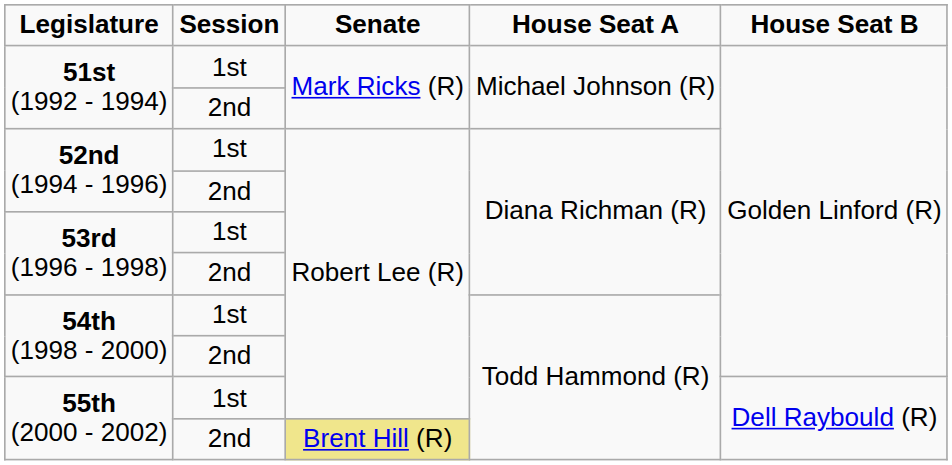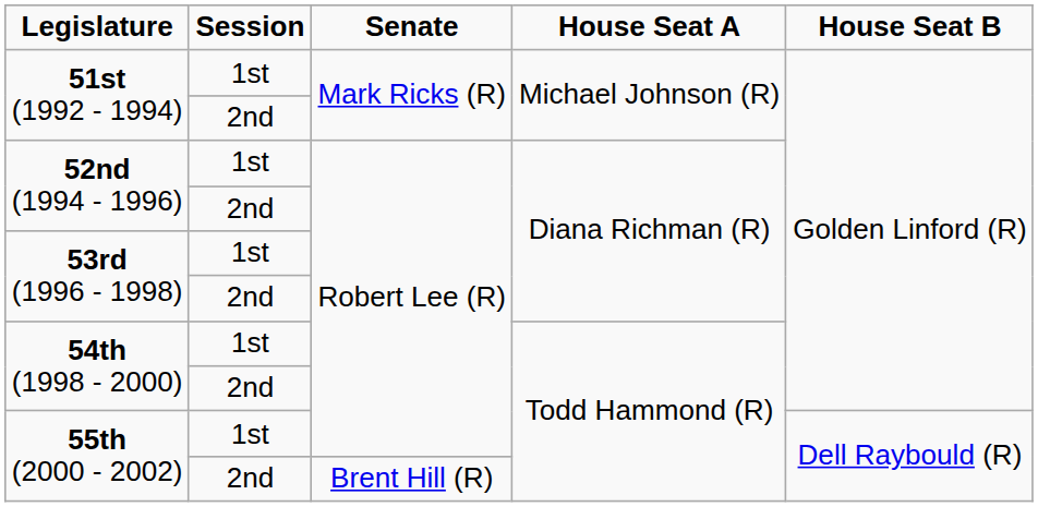 <table class=wikitable style="text-align:center">
 <tr>
 <td><strong>Legislature</strong></td>
 <td><strong>Session</strong></td>
 <td><strong>Senate</strong></td>
 <td><strong>House Seat A</strong></td>
 <td><strong>House Seat B</strong></td>
 </tr>
 <tr>
 <td rowspan="2" colspan="1" style="text-align: center;"><strong>51st</strong> <br> (1992 - 1994)</td>
 <td>1st</td>
 <td rowspan="2" colspan="1" style="text-align: center;" ><a href='#'>Mark Ricks</a> (R)</td>
 <td rowspan="2" colspan="1" style="text-align: center;" >Michael Johnson (R)</td>
 <td rowspan="8" colspan="1" style="text-align: center;" >Golden Linford (R)</td>
 </tr>
 <tr>
 <td>2nd</td>
 </tr>
 <tr>
 <td rowspan="2" colspan="1" style="text-align: center;"><strong>52nd</strong> <br> (1994 - 1996)</td>
 <td>1st</td>
 <td rowspan="7" colspan="1" style="text-align: center;" >Robert Lee (R)</td>
 <td rowspan="4" colspan="1" style="text-align: center;" >Diana Richman (R)</td>
 </tr>
 <tr>
 <td>2nd</td>
 </tr>
 <tr>
 <td rowspan="2" colspan="1" style="text-align: center;"><strong>53rd</strong> <br> (1996 - 1998)</td>
 <td>1st</td>
 </tr>
 <tr>
 <td>2nd</td>
 </tr>
 <tr>
 <td rowspan="2" colspan="1" style="text-align: center;"><strong>54th</strong> <br> (1998 - 2000)</td>
 <td>1st</td>
 <td rowspan="4" colspan="1" style="text-align: center;" >Todd Hammond (R)</td>
 </tr>
 <tr>
 <td>2nd</td>
 </tr>
 <tr>
 <td rowspan="2" colspan="1" style="text-align: center;"><strong>55th</strong> <br> (2000 - 2002)</td>
 <td>1st</td>
 <td rowspan="2" colspan="1" style="text-align: center;" ><a href='#'>Dell Raybould</a> (R)</td>
 </tr>
 <tr>
 <td>2nd</td>
-<td rowspan="1" colspan="1" style="background: khaki; text-align: center;" ><a href='#'>Brent Hill</a> (R)</td>
+<td rowspan="1" colspan="1" style="text-align: center;" ><a href='#'>Brent Hill</a> (R)</td>
 </tr>
 </table>
